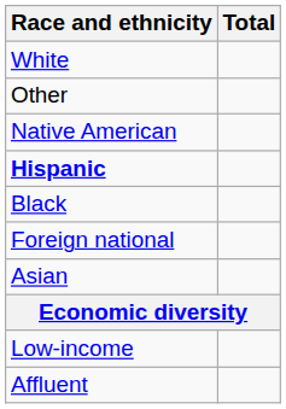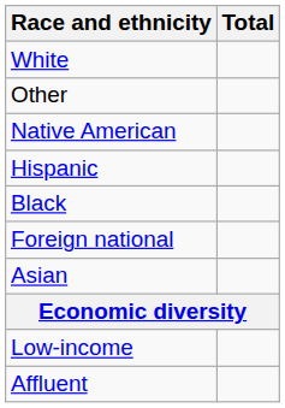 <table class="wikitable floatright sortable collapsible"; text-align:right; font-size:80%;">
 <tr>
 <th>Race and ethnicity</th>
 <th colspan="2" data-sort-type=number>Total</th>
 </tr>
 <tr>
 <td><a href='#'>White</a></td>
 <td align=right></td>
 </tr>
 <tr>
 <td>Other</td>
 <td align=right></td>
 </tr>
 <tr>
 <td><a href='#'>Native American</a></td>
 <td align=right></td>
 </tr>
 <tr>
-<td><strong><a href='#'>Hispanic</a></strong></td>
+<td><a href='#'>Hispanic</a></td>
 <td align=right></td>
 </tr>
 <tr>
 <td><a href='#'>Black</a></td>
 <td align=right></td>
 </tr>
 <tr>
 <td><a href='#'>Foreign national</a></td>
 <td align=right></td>
 </tr>
 <tr>
 <td><a href='#'>Asian</a></td>
 <td align=right></td>
 </tr>
 <tr>
 <th colspan="4" data-sort-type=number><a href='#'>Economic diversity</a></th>
 </tr>
 <tr>
 <td><a href='#'>Low-income</a></td>
 <td align=right></td>
 </tr>
 <tr>
 <td><a href='#'>Affluent</a></td>
 <td align=right></td>
 </tr>
 </table>
